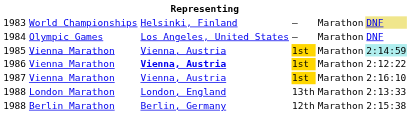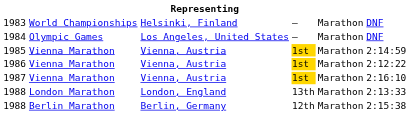 <table>
 <tr>
 <th colspan="6">Representing </th>
 </tr>
 <tr>
 <td>1983</td>
 <td><a href='#'>World Championships</a></td>
 <td><a href='#'>Helsinki, Finland</a></td>
 <td>—</td>
 <td>Marathon</td>
-<td style="background: khaki;"><a href='#'>DNF</a></td>
+<td><a href='#'>DNF</a></td>
 </tr>
 <tr>
 <td>1984</td>
 <td><a href='#'>Olympic Games</a></td>
 <td><a href='#'>Los Angeles, United States</a></td>
 <td>—</td>
 <td>Marathon</td>
 <td><a href='#'>DNF</a></td>
 </tr>
 <tr>
 <td>1985</td>
 <td><a href='#'>Vienna Marathon</a></td>
 <td><a href='#'>Vienna, Austria</a></td>
 <td bgcolor="gold">1st</td>
 <td>Marathon</td>
-<td style="background: paleturquoise;">2:14:59</td>
+<td>2:14:59</td>
 </tr>
 <tr>
 <td>1986</td>
 <td><a href='#'>Vienna Marathon</a></td>
-<td><strong><a href='#'>Vienna, Austria</a></strong></td>
+<td><a href='#'>Vienna, Austria</a></td>
 <td bgcolor="gold">1st</td>
 <td>Marathon</td>
 <td>2:12:22</td>
 </tr>
 <tr>
 <td>1987</td>
 <td><a href='#'>Vienna Marathon</a></td>
 <td><a href='#'>Vienna, Austria</a></td>
 <td bgcolor="gold">1st</td>
 <td>Marathon</td>
 <td>2:16:10</td>
 </tr>
 <tr>
 <td>1988</td>
 <td><a href='#'>London Marathon</a></td>
 <td><a href='#'>London, England</a></td>
 <td>13th</td>
 <td>Marathon</td>
 <td>2:13:33</td>
 </tr>
 <tr>
 <td>1988</td>
 <td><a href='#'>Berlin Marathon</a></td>
 <td><a href='#'>Berlin, Germany</a></td>
 <td>12th</td>
 <td>Marathon</td>
 <td>2:15:38</td>
 </tr>
 </table>
